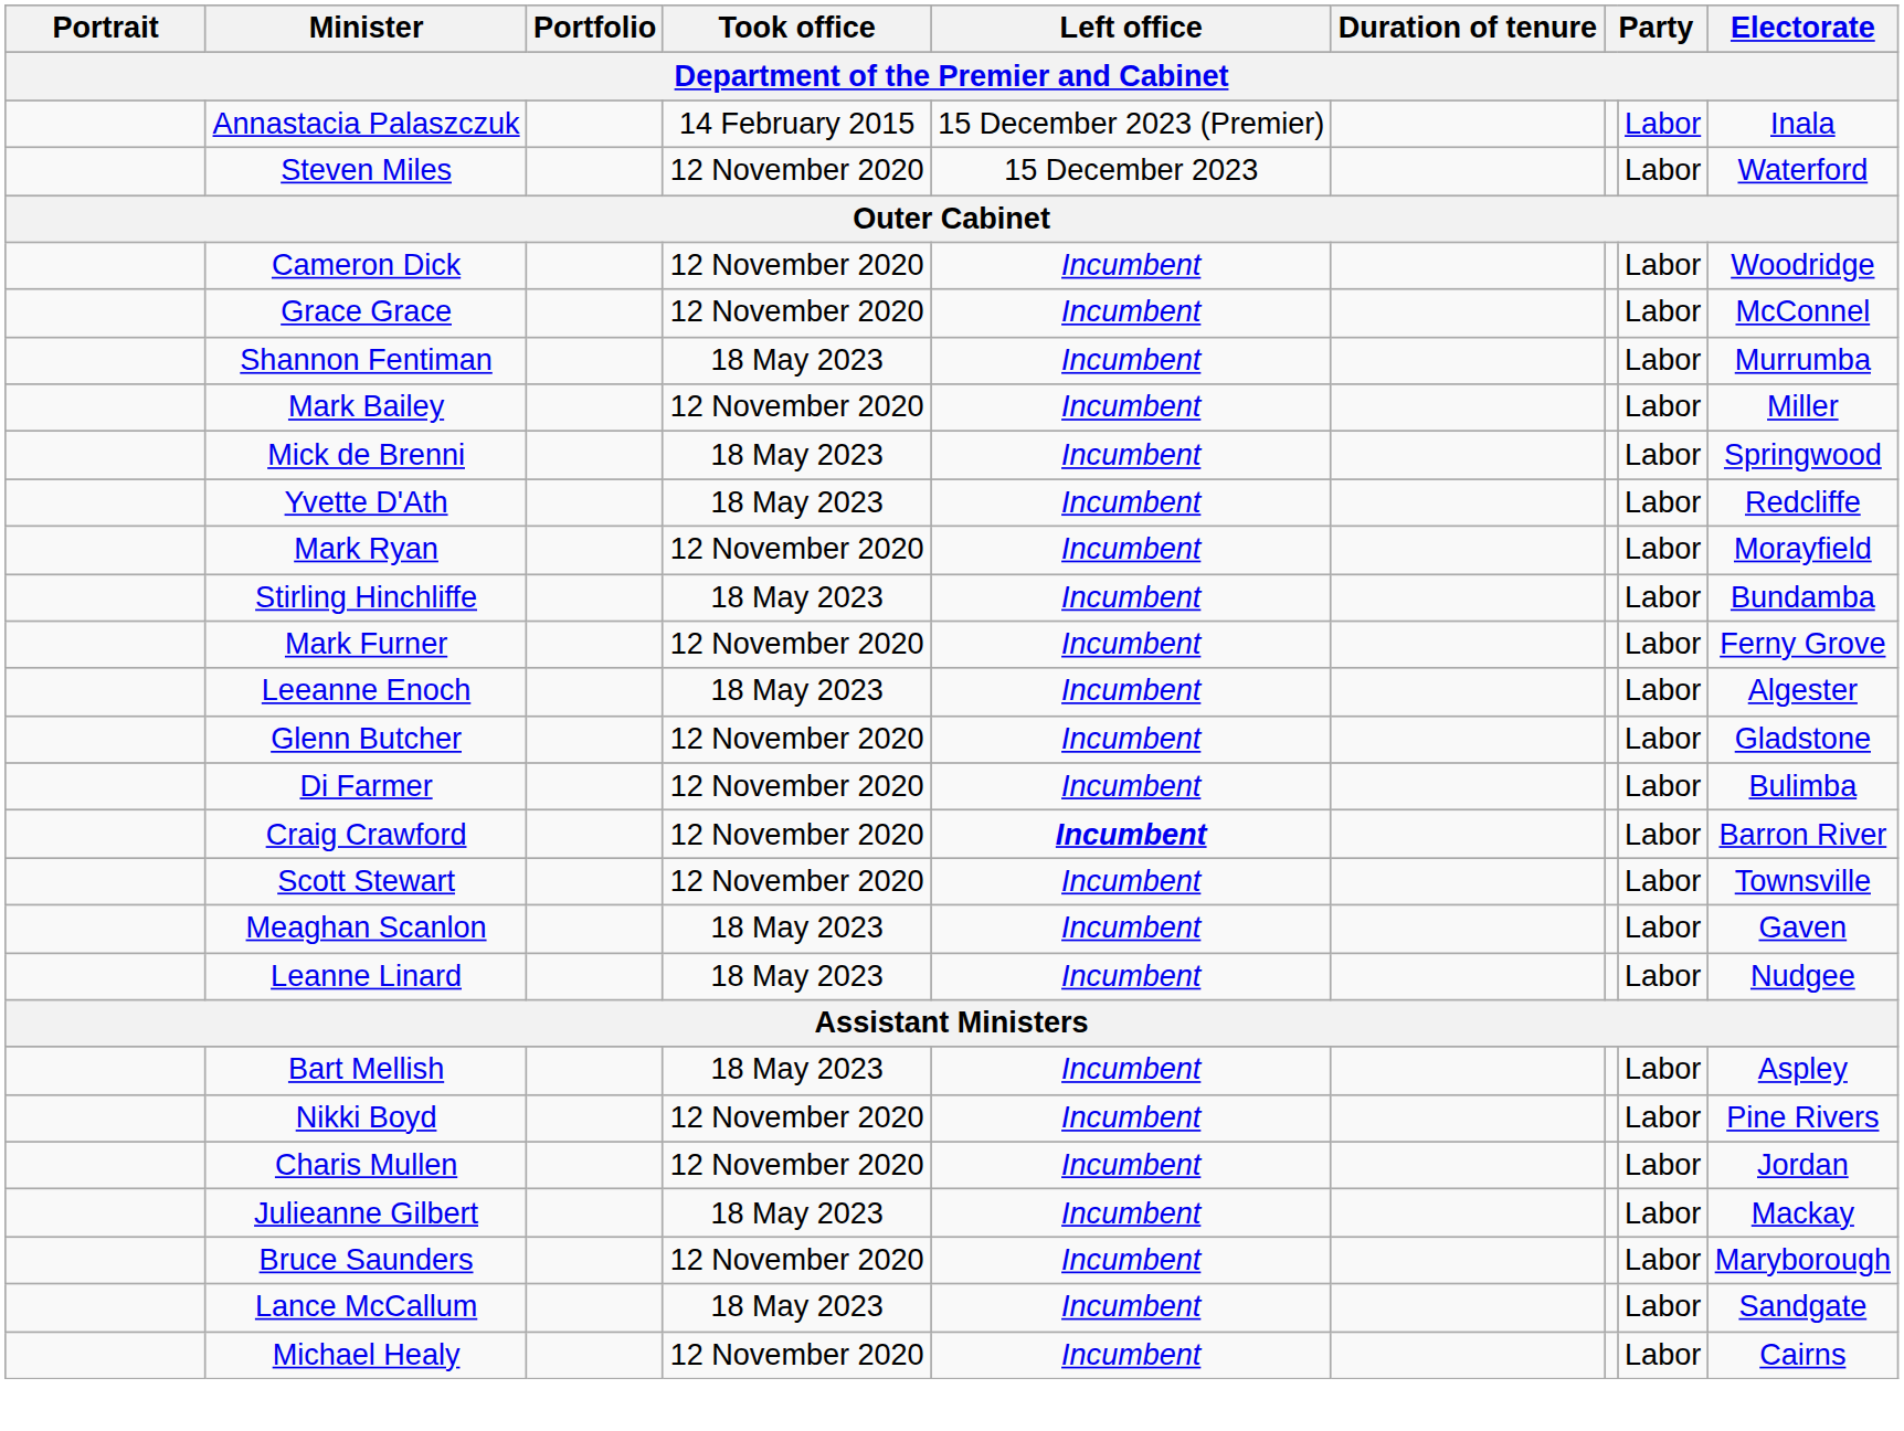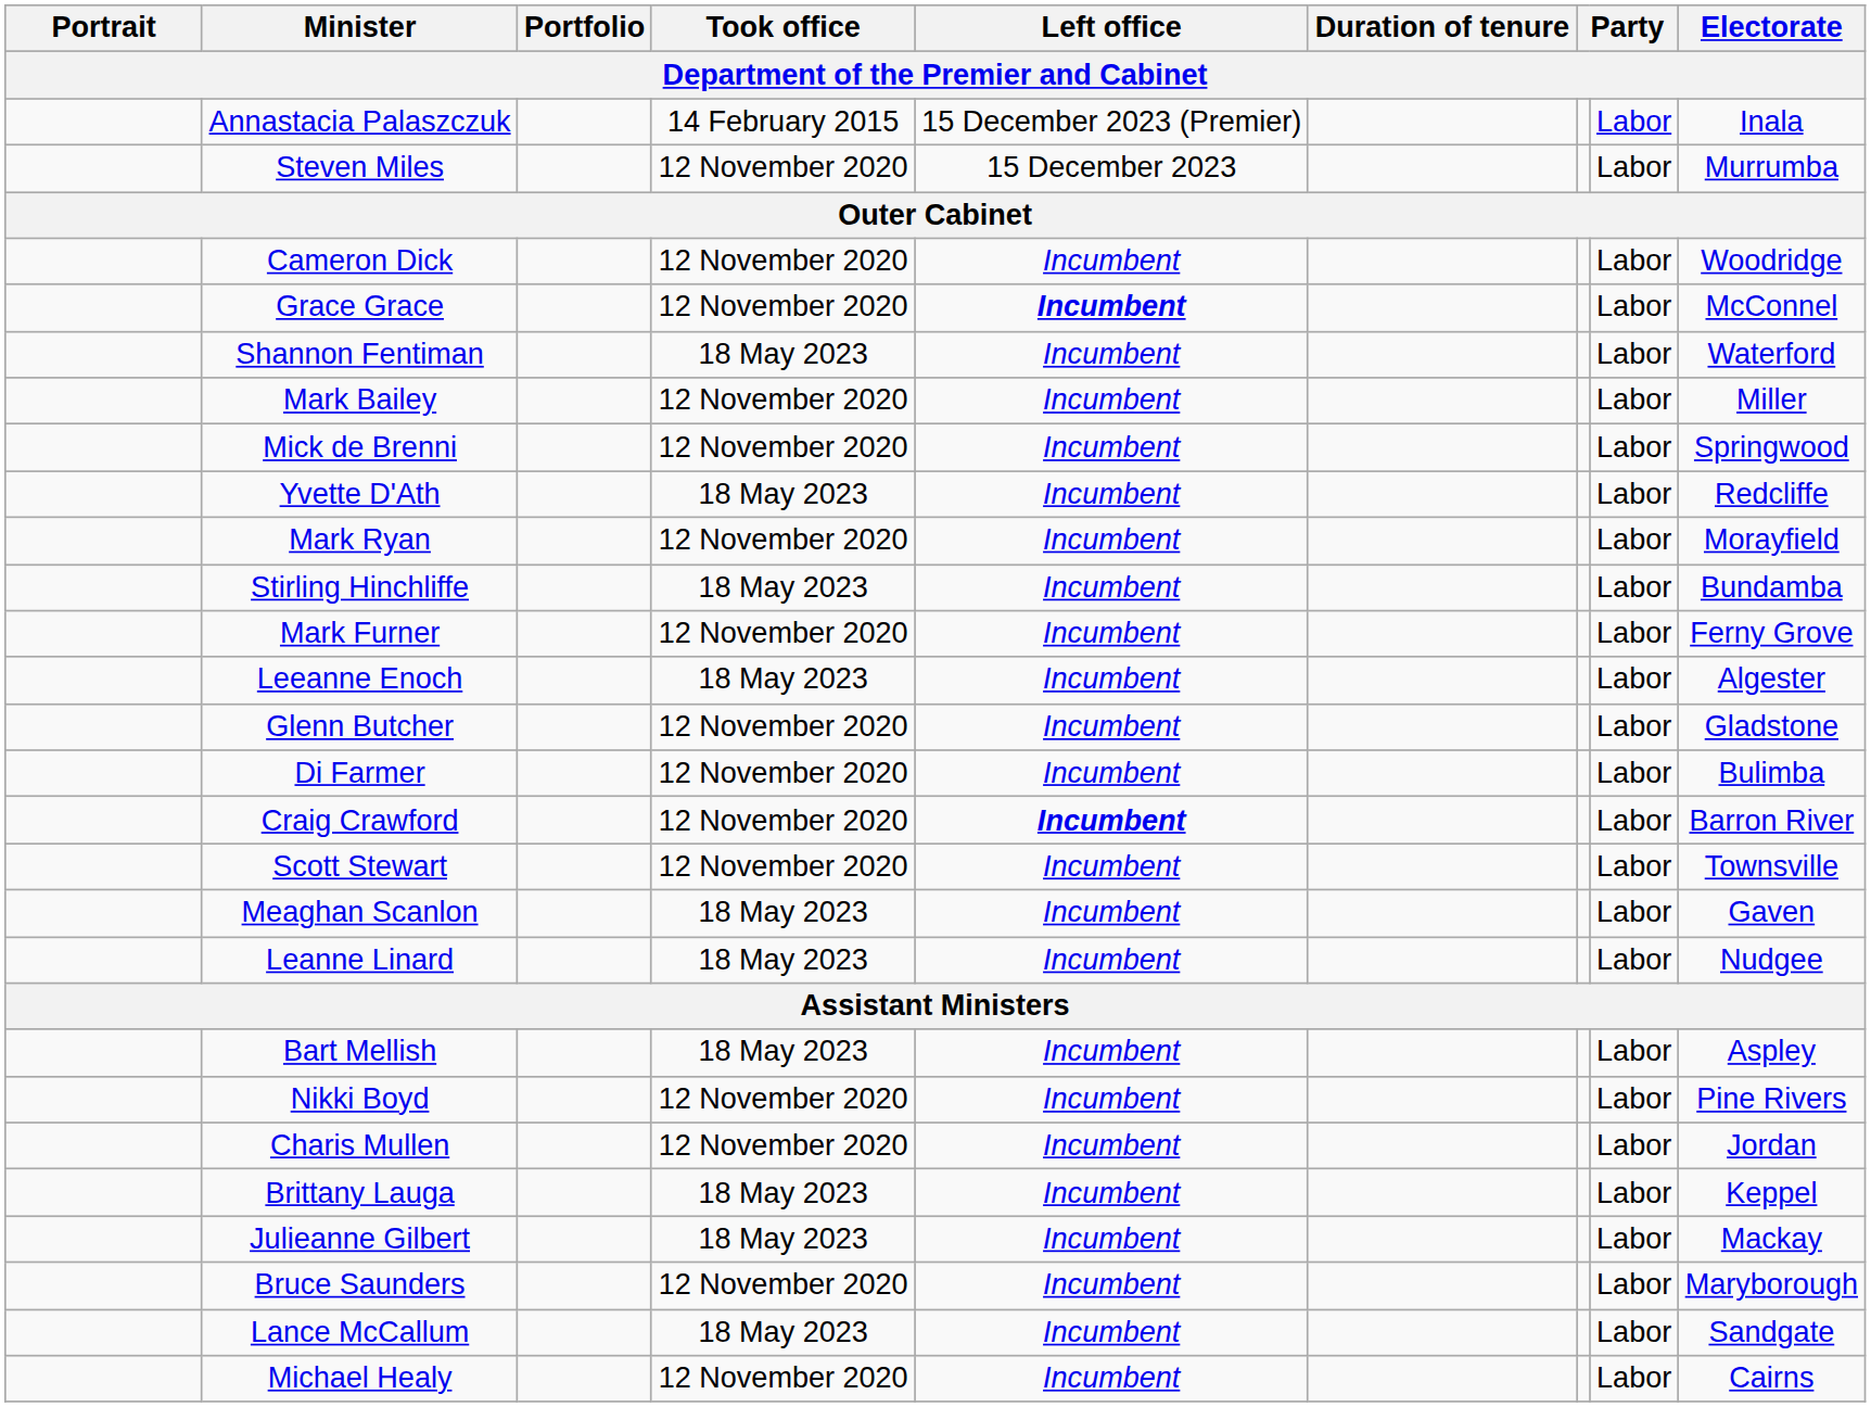 <table class="wikitable sortable" style="border:#555; text-align:center; ">
 <tr>
 <th class="unsortable" style="width:100px;">Portrait</th>
 <th>Minister</th>
 <th>Portfolio</th>
 <th>Took office</th>
 <th>Left office</th>
 <th>Duration of tenure</th>
 <th colspan="2" class="unsortable" style="width:5px;">Party</th>
 <th><a href='#'>Electorate</a></th>
 </tr>
 <tr>
 <th colspan="9"><a href='#'>Department of the Premier and Cabinet</a></th>
 </tr>
 <tr>
 <td></td>
 <td><a href='#'>Annastacia Palaszczuk</a></td>
 <td></td>
 <td>14 February 2015</td>
 <td>15 December 2023 (Premier)</td>
 <td></td>
 <td style="background-color: "></td>
 <td><a href='#'>Labor</a></td>
 <td><a href='#'>Inala</a></td>
 </tr>
 <tr>
 <td></td>
 <td><a href='#'>Steven Miles</a></td>
 <td></td>
 <td>12 November 2020</td>
 <td>15 December 2023</td>
 <td></td>
 <td style="background-color: "></td>
 <td>Labor</td>
-<td><a href='#'>Waterford</a></td>
+<td><a href='#'>Murrumba</a></td>
 </tr>
 <tr>
 <th colspan="9">Outer Cabinet</th>
 </tr>
 <tr>
 <td></td>
 <td><a href='#'>Cameron Dick</a></td>
 <td></td>
 <td>12 November 2020</td>
 <td><em><a href='#'>Incumbent</a></em></td>
 <td></td>
 <td style="background-color: "></td>
 <td>Labor</td>
 <td><a href='#'>Woodridge</a></td>
 </tr>
 <tr>
 <td></td>
 <td><a href='#'>Grace Grace</a></td>
 <td></td>
 <td>12 November 2020</td>
-<td><em><a href='#'>Incumbent</a></em></td>
+<td><strong><em><a href='#'>Incumbent</a></em></strong></td>
 <td></td>
 <td style="background-color: "></td>
 <td>Labor</td>
 <td><a href='#'>McConnel</a></td>
 </tr>
 <tr>
 <td></td>
 <td><a href='#'>Shannon Fentiman</a></td>
 <td></td>
 <td>18 May 2023</td>
 <td><em><a href='#'>Incumbent</a></em></td>
 <td></td>
 <td style="background-color: "></td>
 <td>Labor</td>
-<td><a href='#'>Murrumba</a></td>
+<td><a href='#'>Waterford</a></td>
 </tr>
 <tr>
 <td></td>
 <td><a href='#'>Mark Bailey</a></td>
 <td></td>
 <td>12 November 2020</td>
 <td><em><a href='#'>Incumbent</a></em></td>
 <td></td>
 <td style="background-color: "></td>
 <td>Labor</td>
 <td><a href='#'>Miller</a></td>
 </tr>
 <tr>
 <td></td>
 <td><a href='#'>Mick de Brenni</a></td>
 <td></td>
-<td>18 May 2023</td>
+<td>12 November 2020</td>
 <td><em><a href='#'>Incumbent</a></em></td>
 <td></td>
 <td style="background-color: "></td>
 <td>Labor</td>
 <td><a href='#'>Springwood</a></td>
 </tr>
 <tr>
 <td></td>
 <td><a href='#'>Yvette D'Ath</a></td>
 <td></td>
 <td>18 May 2023</td>
 <td><em><a href='#'>Incumbent</a></em></td>
 <td></td>
 <td style="background-color: "></td>
 <td>Labor</td>
 <td><a href='#'>Redcliffe</a></td>
 </tr>
 <tr>
 <td></td>
 <td><a href='#'>Mark Ryan</a></td>
 <td></td>
 <td>12 November 2020</td>
 <td><em><a href='#'>Incumbent</a></em></td>
 <td></td>
 <td style="background-color: "></td>
 <td>Labor</td>
 <td><a href='#'>Morayfield</a></td>
 </tr>
 <tr>
 <td></td>
 <td><a href='#'>Stirling Hinchliffe</a></td>
 <td></td>
 <td>18 May 2023</td>
 <td><em><a href='#'>Incumbent</a></em></td>
 <td></td>
 <td style="background-color: "></td>
 <td>Labor</td>
 <td><a href='#'>Bundamba</a></td>
 </tr>
 <tr>
 <td></td>
 <td><a href='#'>Mark Furner</a></td>
 <td></td>
 <td>12 November 2020</td>
 <td><em><a href='#'>Incumbent</a></em></td>
 <td></td>
 <td style="background-color: "></td>
 <td>Labor</td>
 <td><a href='#'>Ferny Grove</a></td>
 </tr>
 <tr>
 <td></td>
 <td><a href='#'>Leeanne Enoch</a></td>
 <td></td>
 <td>18 May 2023</td>
 <td><em><a href='#'>Incumbent</a></em></td>
 <td></td>
 <td style="background-color: "></td>
 <td>Labor</td>
 <td><a href='#'>Algester</a></td>
 </tr>
 <tr>
 <td></td>
 <td><a href='#'>Glenn Butcher</a></td>
 <td></td>
 <td>12 November 2020</td>
 <td><em><a href='#'>Incumbent</a></em></td>
 <td></td>
 <td style="background-color: "></td>
 <td>Labor</td>
 <td><a href='#'>Gladstone</a></td>
 </tr>
 <tr>
 <td></td>
 <td><a href='#'>Di Farmer</a></td>
 <td></td>
 <td>12 November 2020</td>
 <td><em><a href='#'>Incumbent</a></em></td>
 <td></td>
 <td style="background-color: "></td>
 <td>Labor</td>
 <td><a href='#'>Bulimba</a></td>
 </tr>
 <tr>
 <td></td>
 <td><a href='#'>Craig Crawford</a></td>
 <td></td>
 <td>12 November 2020</td>
 <td><strong><em><a href='#'>Incumbent</a></em></strong></td>
 <td></td>
 <td style="background-color: "></td>
 <td>Labor</td>
 <td><a href='#'>Barron River</a></td>
 </tr>
 <tr>
 <td></td>
 <td><a href='#'>Scott Stewart</a></td>
 <td></td>
 <td>12 November 2020</td>
 <td><em><a href='#'>Incumbent</a></em></td>
 <td></td>
 <td style="background-color: "></td>
 <td>Labor</td>
 <td><a href='#'>Townsville</a></td>
 </tr>
 <tr>
 <td></td>
 <td><a href='#'>Meaghan Scanlon</a></td>
 <td></td>
 <td>18 May 2023</td>
 <td><em><a href='#'>Incumbent</a></em></td>
 <td></td>
 <td style="background-color: "></td>
 <td>Labor</td>
 <td><a href='#'>Gaven</a></td>
 </tr>
 <tr>
 <td></td>
 <td><a href='#'>Leanne Linard</a></td>
 <td></td>
 <td>18 May 2023</td>
 <td><em><a href='#'>Incumbent</a></em></td>
 <td></td>
 <td style="background-color: "></td>
 <td>Labor</td>
 <td><a href='#'>Nudgee</a></td>
 </tr>
 <tr>
 <th colspan="9">Assistant Ministers</th>
 </tr>
 <tr>
 <td></td>
 <td><a href='#'>Bart Mellish</a></td>
 <td></td>
 <td>18 May 2023</td>
 <td><em><a href='#'>Incumbent</a></em></td>
 <td></td>
 <td style="background-color: "></td>
 <td>Labor</td>
 <td><a href='#'>Aspley</a></td>
 </tr>
 <tr>
 <td></td>
 <td><a href='#'>Nikki Boyd</a></td>
 <td></td>
 <td>12 November 2020</td>
 <td><em><a href='#'>Incumbent</a></em></td>
 <td></td>
 <td style="background-color: "></td>
 <td>Labor</td>
 <td><a href='#'>Pine Rivers</a></td>
 </tr>
 <tr>
 <td></td>
 <td><a href='#'>Charis Mullen</a></td>
 <td></td>
 <td>12 November 2020</td>
 <td><em><a href='#'>Incumbent</a></em></td>
 <td></td>
 <td style="background-color: "></td>
 <td>Labor</td>
 <td><a href='#'>Jordan</a></td>
 </tr>
 <tr>
 <td></td>
+<td><a href='#'>Brittany Lauga</a></td>
+<td></td>
+<td>18 May 2023</td>
+<td><em><a href='#'>Incumbent</a></em></td>
+<td></td>
+<td style="background-color: "></td>
+<td>Labor</td>
+<td><a href='#'>Keppel</a></td>
+</tr>
+<tr>
+<td></td>
 <td><a href='#'>Julieanne Gilbert</a></td>
 <td></td>
 <td>18 May 2023</td>
 <td><em><a href='#'>Incumbent</a></em></td>
 <td></td>
 <td style="background-color: "></td>
 <td>Labor</td>
 <td><a href='#'>Mackay</a></td>
 </tr>
 <tr>
 <td></td>
 <td><a href='#'>Bruce Saunders</a></td>
 <td></td>
 <td>12 November 2020</td>
 <td><em><a href='#'>Incumbent</a></em></td>
 <td></td>
 <td style="background-color: "></td>
 <td>Labor</td>
 <td><a href='#'>Maryborough</a></td>
 </tr>
 <tr>
 <td></td>
 <td><a href='#'>Lance McCallum</a></td>
 <td></td>
 <td>18 May 2023</td>
 <td><em><a href='#'>Incumbent</a></em></td>
 <td></td>
 <td style="background-color: "></td>
 <td>Labor</td>
 <td><a href='#'>Sandgate</a></td>
 </tr>
 <tr>
 <td></td>
 <td><a href='#'>Michael Healy</a></td>
 <td></td>
 <td>12 November 2020</td>
 <td><em><a href='#'>Incumbent</a></em></td>
 <td></td>
 <td style="background-color: "></td>
 <td>Labor</td>
 <td><a href='#'>Cairns</a></td>
 </tr>
 </table>
